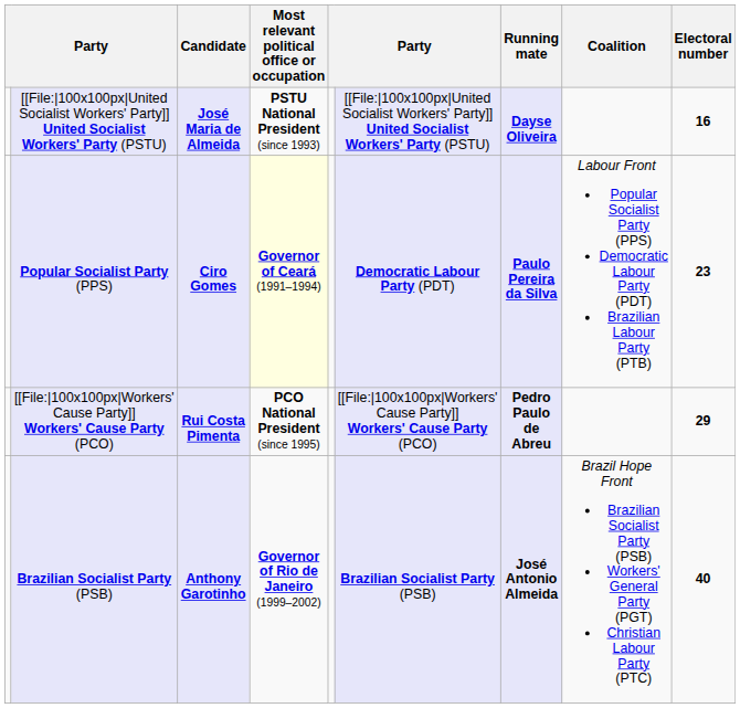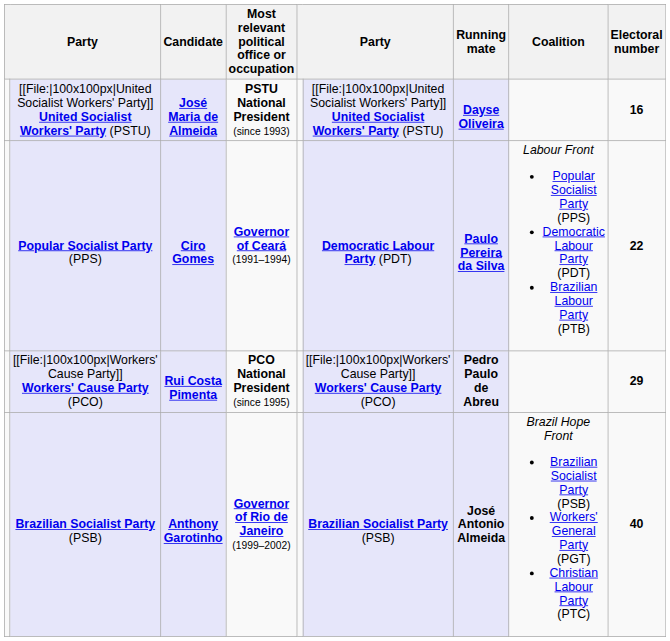 <table class="wikitable" style="text-align:center">
 <tr>
 <th colspan="2">Party</th>
 <th>Candidate</th>
 <th style="max-width:10em">Most relevant political office or occupation</th>
 <th colspan="2">Party</th>
 <th>Running mate</th>
 <th>Coalition</th>
 <th>Electoral number</th>
 </tr>
 <tr>
 <td style="background:"></td>
 <td style="background:lavender;" max-width:150px>[[File:|100x100px|United Socialist Workers' Party]]<br><strong><a href='#'>United Socialist Workers' Party</a></strong> (PSTU)</td>
 <td style="background:lavender;" max-width:150px><br><strong><a href='#'>José Maria de Almeida</a></strong></td>
 <td style="max-width:10em"><strong>PSTU National President</strong><br><small>(since 1993)</small></td>
 <td style="background:"></td>
 <td style="background:lavender;" max-width:150px>[[File:|100x100px|United Socialist Workers' Party]]<br><strong><a href='#'>United Socialist Workers' Party</a></strong> (PSTU)</td>
 <td style="background:lavender;" max-width:150px><br><strong><a href='#'>Dayse Oliveira</a></strong></td>
 <td></td>
 <td><strong>16</strong></td>
 </tr>
 <tr>
 <td style="background:"></td>
 <td style="background:lavender;" max-width:150px><br><strong><a href='#'>Popular Socialist Party</a></strong> (PPS)</td>
 <td style="background:lavender;" max-width:150px><br><strong><a href='#'>Ciro Gomes</a></strong></td>
-<td style="background: lightyellow; max-width:10em"><strong><a href='#'>Governor of Ceará</a></strong><br><small>(1991–1994)</small></td>
+<td style="max-width:10em"><strong><a href='#'>Governor of Ceará</a></strong><br><small>(1991–1994)</small></td>
 <td style="background:"></td>
 <td style="background:lavender;" max-width:150px><br><strong><a href='#'>Democratic Labour Party</a></strong> (PDT)</td>
 <td style="background:lavender;" max-width:150px><br><strong><a href='#'>Paulo Pereira da Silva</a></strong></td>
 <td><em>Labour Front</em><br><ul><li><a href='#'>Popular Socialist Party</a> (PPS)</li><li><a href='#'>Democratic Labour Party</a> (PDT)</li><li><a href='#'>Brazilian Labour Party</a> (PTB)</li></ul></td>
-<td><strong>23</strong></td>
+<td><strong>22</strong></td>
 </tr>
 <tr>
 <td style="background:"></td>
 <td style="background:lavender;" max-width:150px>[[File:|100x100px|Workers' Cause Party]]<br><strong><a href='#'>Workers' Cause Party</a></strong> (PCO)</td>
 <td style="background:lavender;" max-width:150px><br><strong><a href='#'>Rui Costa Pimenta</a></strong></td>
 <td style="max-width:10em"><strong>PCO National President</strong><br><small>(since 1995)</small></td>
 <td style="background:"></td>
 <td style="background:lavender;" max-width:150px>[[File:|100x100px|Workers' Cause Party]]<br><strong><a href='#'>Workers' Cause Party</a></strong> (PCO)</td>
 <td style="background:lavender;" max-width:150px><strong>Pedro Paulo de Abreu</strong></td>
 <td></td>
 <td><strong>29</strong></td>
 </tr>
 <tr>
 <td style="background:"></td>
 <td style="background:lavender;" max-width:150px><br><strong><a href='#'>Brazilian Socialist Party</a></strong> (PSB)</td>
 <td style="background:lavender;" max-width:150px><br><strong><a href='#'>Anthony Garotinho</a></strong></td>
 <td style="max-width:10em"><strong><a href='#'>Governor of Rio de Janeiro</a></strong><br><small>(1999–2002)</small></td>
 <td style="background:"></td>
 <td style="background:lavender;" max-width:150px><br><strong><a href='#'>Brazilian Socialist Party</a></strong> (PSB)</td>
 <td style="background:lavender;" max-width:150px><strong>José Antonio Almeida</strong></td>
 <td><em>Brazil Hope Front</em><br><ul><li><a href='#'>Brazilian Socialist Party</a> (PSB)</li><li><a href='#'>Workers' General Party</a> (PGT)</li><li><a href='#'>Christian Labour Party</a> (PTC)</li></ul></td>
 <td><strong>40</strong></td>
 </tr>
 </table>
